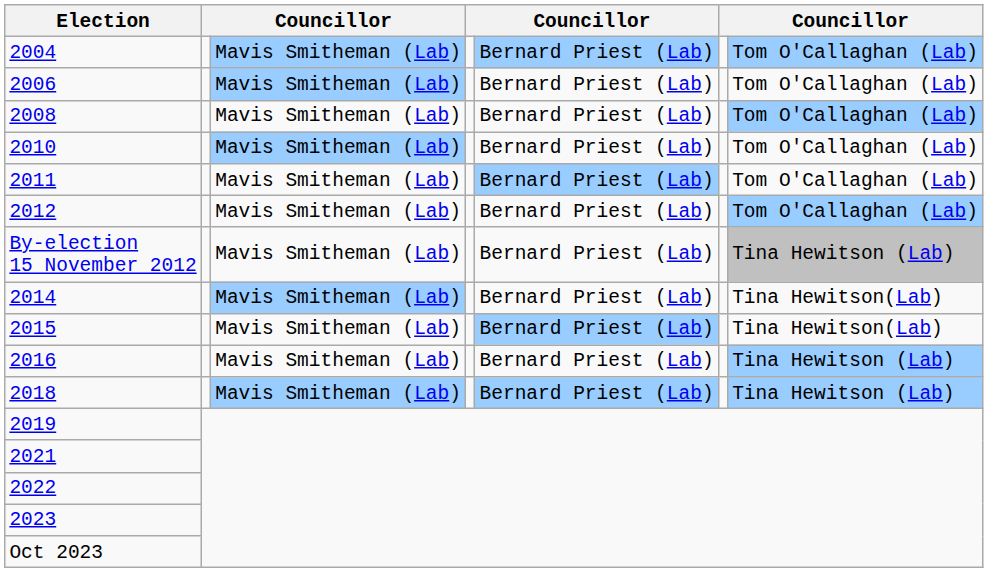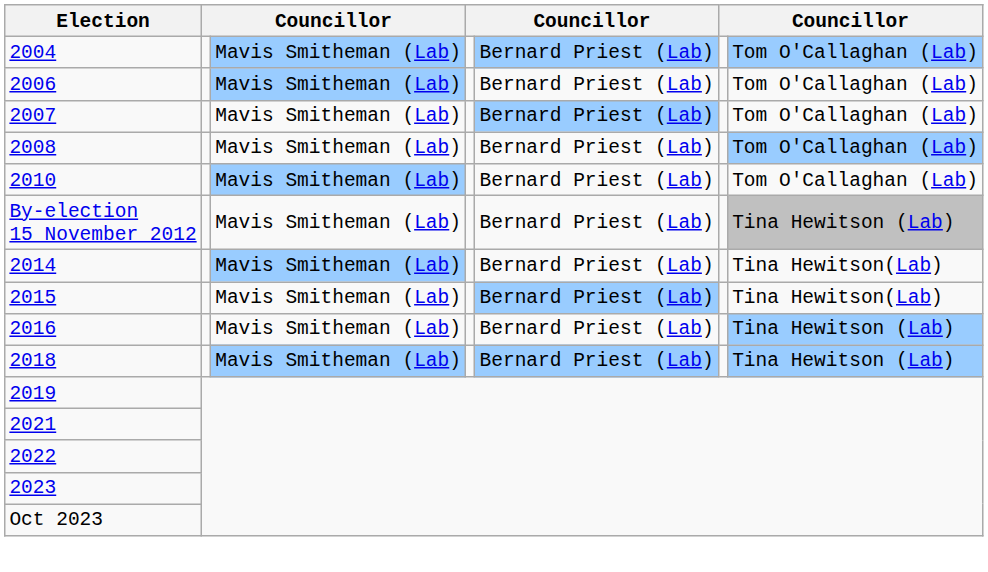 <table class="wikitable">
 <tr>
 <th>Election</th>
 <th colspan="2">Councillor</th>
 <th colspan="2">Councillor</th>
 <th colspan="2">Councillor</th>
 </tr>
 <tr>
 <td><a href='#'>2004</a></td>
 <td style="background-color: "></td>
 <td bgcolor="#99CCFF">Mavis Smitheman (<a href='#'>Lab</a>)</td>
 <td style="background-color: "></td>
 <td bgcolor="#99CCFF">Bernard Priest (<a href='#'>Lab</a>)</td>
 <td style="background-color: "></td>
 <td bgcolor="#99CCFF">Tom O'Callaghan (<a href='#'>Lab</a>)</td>
 </tr>
 <tr>
 <td><a href='#'>2006</a></td>
 <td style="background-color: "></td>
 <td bgcolor="#99CCFF">Mavis Smitheman (<a href='#'>Lab</a>)</td>
 <td style="background-color: "></td>
 <td>Bernard Priest (<a href='#'>Lab</a>)</td>
 <td style="background-color: "></td>
 <td>Tom O'Callaghan (<a href='#'>Lab</a>)</td>
 </tr>
 <tr>
+<td><a href='#'>2007</a></td>
+<td style="background-color: "></td>
+<td>Mavis Smitheman (<a href='#'>Lab</a>)</td>
+<td style="background-color: "></td>
+<td bgcolor="#99CCFF">Bernard Priest (<a href='#'>Lab</a>)</td>
+<td style="background-color: "></td>
+<td>Tom O'Callaghan (<a href='#'>Lab</a>)</td>
+</tr>
+<tr>
 <td><a href='#'>2008</a></td>
 <td style="background-color: "></td>
 <td>Mavis Smitheman (<a href='#'>Lab</a>)</td>
 <td style="background-color: "></td>
 <td>Bernard Priest (<a href='#'>Lab</a>)</td>
 <td style="background-color: "></td>
 <td bgcolor="#99CCFF">Tom O'Callaghan (<a href='#'>Lab</a>)</td>
 </tr>
 <tr>
 <td><a href='#'>2010</a></td>
 <td style="background-color: "></td>
 <td bgcolor="#99CCFF">Mavis Smitheman (<a href='#'>Lab</a>)</td>
 <td style="background-color: "></td>
 <td>Bernard Priest (<a href='#'>Lab</a>)</td>
 <td style="background-color: "></td>
 <td>Tom O'Callaghan (<a href='#'>Lab</a>)</td>
-</tr>
-<tr>
-<td><a href='#'>2011</a></td>
-<td style="background-color: "></td>
-<td>Mavis Smitheman (<a href='#'>Lab</a>)</td>
-<td style="background-color: "></td>
-<td bgcolor="#99CCFF">Bernard Priest (<a href='#'>Lab</a>)</td>
-<td style="background-color: "></td>
-<td>Tom O'Callaghan (<a href='#'>Lab</a>)</td>
-</tr>
-<tr>
-<td><a href='#'>2012</a></td>
-<td style="background-color: "></td>
-<td>Mavis Smitheman (<a href='#'>Lab</a>)</td>
-<td style="background-color: "></td>
-<td>Bernard Priest (<a href='#'>Lab</a>)</td>
-<td style="background-color: "></td>
-<td bgcolor="#99CCFF">Tom O'Callaghan (<a href='#'>Lab</a>)</td>
 </tr>
 <tr>
 <td><a href='#'>By-election<br>15 November 2012</a></td>
 <td style="background-color: "></td>
 <td>Mavis Smitheman (<a href='#'>Lab</a>)</td>
 <td style="background-color: "></td>
 <td>Bernard Priest (<a href='#'>Lab</a>)</td>
 <td style="background-color: "></td>
 <td bgcolor="#C0C0C0">Tina Hewitson (<a href='#'>Lab</a>)</td>
 </tr>
 <tr>
 <td><a href='#'>2014</a></td>
 <td style="background-color: "></td>
 <td bgcolor="#99CCFF">Mavis Smitheman (<a href='#'>Lab</a>)</td>
 <td style="background-color: "></td>
 <td>Bernard Priest (<a href='#'>Lab</a>)</td>
 <td style="background-color: "></td>
 <td>Tina Hewitson(<a href='#'>Lab</a>)</td>
 </tr>
 <tr>
 <td><a href='#'>2015</a></td>
 <td style="background-color: "></td>
 <td>Mavis Smitheman (<a href='#'>Lab</a>)</td>
 <td style="background-color: "></td>
 <td bgcolor="#99CCFF">Bernard Priest (<a href='#'>Lab</a>)</td>
 <td style="background-color: "></td>
 <td>Tina Hewitson(<a href='#'>Lab</a>)</td>
 </tr>
 <tr>
 <td><a href='#'>2016</a></td>
 <td style="background-color: "></td>
 <td>Mavis Smitheman (<a href='#'>Lab</a>)</td>
 <td style="background-color: "></td>
 <td>Bernard Priest (<a href='#'>Lab</a>)</td>
 <td style="background-color: "></td>
 <td bgcolor="#99CCFF">Tina Hewitson (<a href='#'>Lab</a>)</td>
 </tr>
 <tr>
 <td><a href='#'>2018</a></td>
 <td style="background-color: "></td>
 <td bgcolor="#99CCFF">Mavis Smitheman (<a href='#'>Lab</a>)</td>
 <td style="background-color: "></td>
 <td bgcolor="#99CCFF">Bernard Priest (<a href='#'>Lab</a>)</td>
 <td style="background-color: "></td>
 <td bgcolor="#99CCFF">Tina Hewitson (<a href='#'>Lab</a>)</td>
 </tr>
 <tr>
 <td><a href='#'>2019</a><br>  </td>
 </tr>
 <tr>
 <td><a href='#'>2021</a><br>  </td>
 </tr>
 <tr>
 <td><a href='#'>2022</a><br>  </td>
 </tr>
 <tr>
 <td><a href='#'>2023</a><br>  </td>
 </tr>
 <tr>
 <td>Oct 2023<br>  </td>
 </tr>
 </table>
